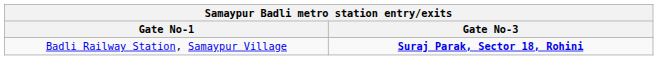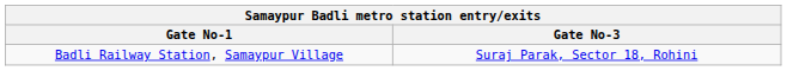 <table class="wikitable" style="text-align: center;" width="65%">
 <tr>
 <th align="center" colspan="2" style="background:#"><span>Samaypur Badli metro station entry/exits</span></th>
 </tr>
 <tr>
 <th style="width:15%;">Gate No-1 </th>
 <th style="width:15%;">Gate No-3 </th>
 </tr>
 <tr>
 <td><a href='#'>Badli Railway Station</a>, <a href='#'>Samaypur Village</a></td>
-<td><strong><a href='#'>Suraj Parak, Sector 18, Rohini</a></strong></td>
+<td><a href='#'>Suraj Parak, Sector 18, Rohini</a></td>
 </tr>
 </table>
